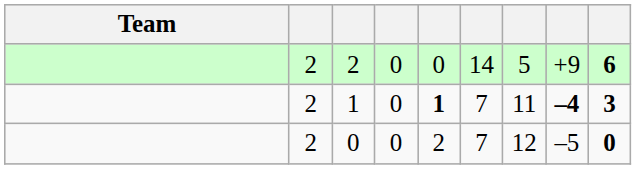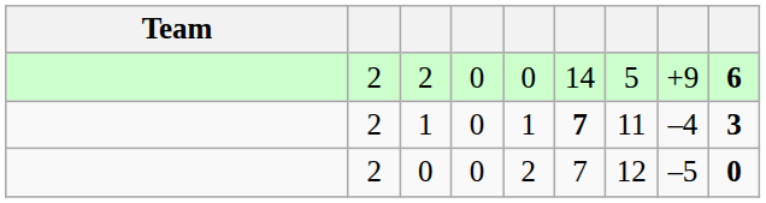 <table class="wikitable" style="text-align: center;">
 <tr>
 <th style="width:175px;">Team</th>
 <th width="20"></th>
 <th width="20"></th>
 <th width="20"></th>
 <th width="20"></th>
 <th width="20"></th>
 <th width="20"></th>
 <th width="20"></th>
 <th width="20"></th>
 </tr>
 <tr style="background:#cfc;">
 <td align=left></td>
 <td>2</td>
 <td>2</td>
 <td>0</td>
 <td>0</td>
 <td>14</td>
 <td>5</td>
 <td>+9</td>
 <td><strong>6</strong></td>
 </tr>
 <tr>
 <td align=left></td>
 <td>2</td>
 <td>1</td>
 <td>0</td>
-<td><strong>1</strong></td>
-<td>7</td>
+<td>1</td>
+<td><strong>7</strong></td>
 <td>11</td>
-<td><strong>–4</strong></td>
+<td>–4</td>
 <td><strong>3</strong></td>
 </tr>
 <tr>
 <td align=left></td>
 <td>2</td>
 <td>0</td>
 <td>0</td>
 <td>2</td>
 <td>7</td>
 <td>12</td>
 <td>–5</td>
 <td><strong>0</strong></td>
 </tr>
 </table>
